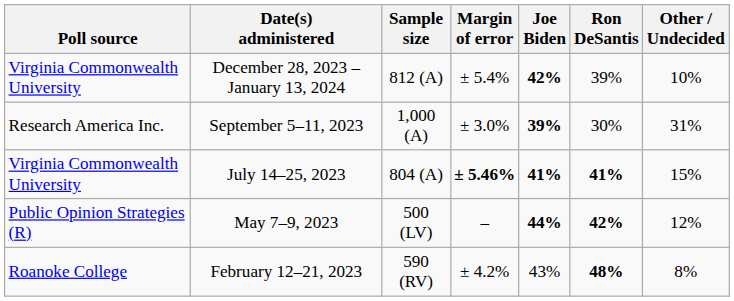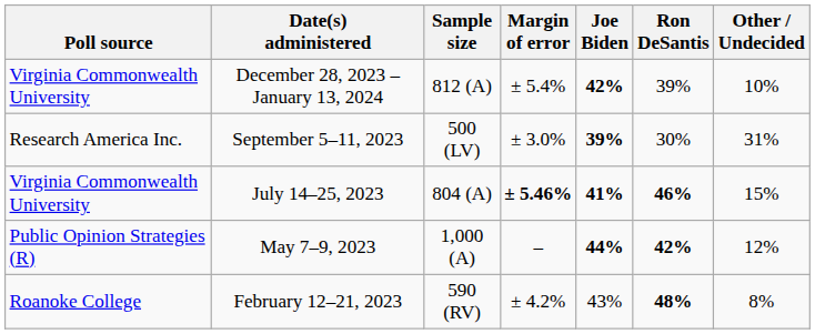 <table class="wikitable sortable mw-datatable" style="font-size:90%;text-align:center;line-height:17px">
 <tr valign=bottom>
 <th>Poll source</th>
 <th>Date(s)<br>administered</th>
 <th>Sample<br>size</th>
 <th>Margin<br>of error</th>
 <th class="unsortable">Joe<br>Biden<br></th>
 <th class="unsortable">Ron<br>DeSantis<br></th>
 <th class="unsortable">Other /<br>Undecided</th>
 </tr>
 <tr>
 <td style="text-align:left;"><a href='#'>Virginia Commonwealth University</a></td>
 <td>December 28, 2023 – January 13, 2024</td>
 <td>812 (A)</td>
 <td>± 5.4%</td>
 <td style="color:black;background-color:"><strong>42%</strong></td>
 <td>39%</td>
 <td>10%</td>
 </tr>
 <tr>
 <td style="text-align:left;">Research America Inc.</td>
 <td>September 5–11, 2023</td>
-<td>1,000 (A)</td>
+<td>500 (LV)</td>
 <td>± 3.0%</td>
 <td style="color:black;background-color:"><strong>39%</strong></td>
 <td>30%</td>
 <td>31%</td>
 </tr>
 <tr>
 <td style="text-align:left;"><a href='#'>Virginia Commonwealth University</a></td>
 <td>July 14–25, 2023</td>
 <td>804 (A)</td>
 <td><strong>± 5.46%</strong></td>
 <td><strong>41%</strong></td>
-<td><strong>41%</strong></td>
+<td><strong>46%</strong></td>
 <td>15%</td>
 </tr>
 <tr>
 <td style="text-align:left;"><a href='#'>Public Opinion Strategies (R)</a></td>
 <td data-sort-value="2023-05-09">May 7–9, 2023</td>
-<td>500 (LV)</td>
+<td>1,000 (A)</td>
 <td>–</td>
 <td><strong>44%</strong></td>
 <td><strong>42%</strong></td>
 <td>12%</td>
 </tr>
 <tr>
 <td style="text-align:left;"><a href='#'>Roanoke College</a></td>
 <td data-sort-value="2023-02-21">February 12–21, 2023</td>
 <td>590 (RV)</td>
 <td>± 4.2%</td>
 <td>43%</td>
 <td style="background-color:"><strong>48%</strong></td>
 <td>8%</td>
 </tr>
 </table>
